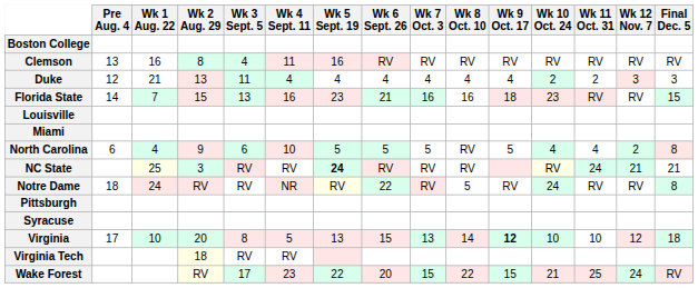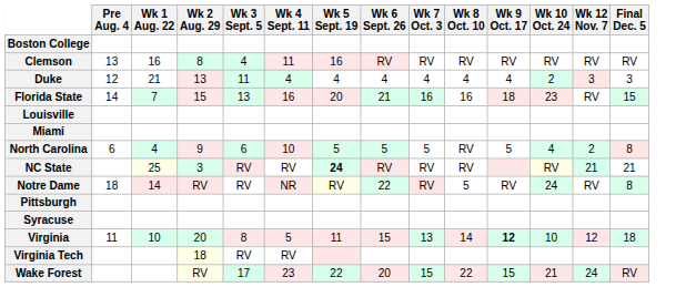 <table class="wikitable" style="white-space:nowrap;font-size:90%;">
 <tr>
 <th colspan=1 style="background:white; border-top-style:hidden; border-left-style:hidden;"> </th>
 <th>Pre <br> Aug. 4</th>
 <th>Wk 1 <br> Aug. 22</th>
 <th>Wk 2 <br> Aug. 29</th>
 <th>Wk 3 <br> Sept. 5</th>
 <th>Wk 4 <br> Sept. 11</th>
 <th>Wk 5 <br> Sept. 19</th>
 <th>Wk 6 <br> Sept. 26</th>
 <th>Wk 7 <br> Oct. 3</th>
 <th>Wk 8 <br> Oct. 10</th>
 <th>Wk 9 <br> Oct. 17</th>
 <th>Wk 10 <br> Oct. 24</th>
-<th>Wk 11 <br> Oct. 31</th>
 <th>Wk 12 <br> Nov. 7</th>
 <th>Final <br> Dec. 5</th>
 </tr>
 <tr style="text-align:center;">
 <th>Boston College</th>
-<td style="background:#FFF;"></td>
 <td style="background:#FFF;"></td>
 <td style="background:#FFF;"></td>
 <td style="background:#FFF;"></td>
 <td style="background:#FFF;"></td>
 <td style="background:#FFF;"></td>
 <td style="background:#FFF;"></td>
 <td style="background:#FFF;"></td>
 <td style="background:#FFF;"></td>
 <td style="background:#FFF;"></td>
 <td style="background:#FFF;"></td>
 <td style="background:#FFF;"></td>
 <td style="background:#FFF;"></td>
 <td style="background:#FFF;"></td>
 </tr>
 <tr style="text-align:center;">
 <th>Clemson</th>
 <td style="background:#FFF;"> 13</td>
 <td style="background:#FFF;"> 16</td>
 <td style="background:#D8FFEB;"> 8</td>
 <td style="background:#D8FFEB;"> 4</td>
 <td style="background:#FFE6E6;"> 11</td>
 <td style="background:#FFE6E6;"> 16</td>
 <td style="background:#FFE6E6;"> RV</td>
 <td style="background:#FFF;"> RV</td>
 <td style="background:#FFF;"> RV</td>
 <td style="background:#FFF;"> RV</td>
 <td style="background:#FFF;"> RV</td>
 <td style="background:#FFF;"> RV</td>
 <td style="background:#FFF;"> RV</td>
-<td style="background:#FFF;"> RV</td>
 </tr>
 <tr style="text-align:center;">
 <th>Duke</th>
 <td style="background:#FFF;"> 12</td>
 <td style="background:#FFF;"> 21</td>
 <td style="background:#FFE6E6;"> 13</td>
 <td style="background:#D8FFEB;"> 11</td>
 <td style="background:#D8FFEB;"> 4</td>
 <td style="background:#FFF;"> 4</td>
 <td style="background:#FFF;"> 4</td>
 <td style="background:#FFF;"> 4</td>
 <td style="background:#FFF;"> 4</td>
 <td style="background:#FFF;"> 4</td>
 <td style="background:#D8FFEB;"> 2</td>
-<td style="background:#FFF;"> 2</td>
 <td style="background:#FFE6E6;"> 3</td>
 <td style="background:#FFF;"> 3</td>
 </tr>
 <tr style="text-align:center;">
 <th>Florida State</th>
 <td style="background:#FFF;"> 14</td>
 <td style="background:#D8FFEB;"> 7</td>
 <td style="background:#FFE6E6;"> 15</td>
 <td style="background:#D8FFEB;"> 13</td>
 <td style="background:#FFE6E6;"> 16</td>
-<td style="background:#FFE6E6;"> 23</td>
+<td style="background:#FFE6E6;"> 20</td>
 <td style="background:#D8FFEB;"> 21</td>
 <td style="background:#D8FFEB;"> 16</td>
 <td style="background:#FFF;"> 16</td>
 <td style="background:#FFE6E6;"> 18</td>
 <td style="background:#FFE6E6;"> 23</td>
-<td style="background:#FFE6E6;"> RV</td>
 <td style="background:#FFF;"> RV</td>
 <td style="background:#D8FFEB;"> 15</td>
 </tr>
 <tr style="text-align:center;">
 <th>Louisville</th>
-<td style="background:#FFF;"></td>
 <td style="background:#FFF;"></td>
 <td style="background:#FFF;"></td>
 <td style="background:#FFF;"></td>
 <td style="background:#FFF;"></td>
 <td style="background:#FFF;"></td>
 <td style="background:#FFF;"></td>
 <td style="background:#FFF;"></td>
 <td style="background:#FFF;"></td>
 <td style="background:#FFF;"></td>
 <td style="background:#FFF;"></td>
 <td style="background:#FFF;"></td>
 <td style="background:#FFF;"></td>
 <td style="background:#FFF;"></td>
 </tr>
 <tr style="text-align:center;">
 <th>Miami</th>
 <td style="background:#FFF;"></td>
 <td style="background:#FFF;"></td>
 <td style="background:#FFF;"></td>
 <td style="background:#FFF;"></td>
 <td style="background:#FFF;"></td>
 <td style="background:#FFF;"></td>
 <td style="background:#FFF;"></td>
 <td style="background:#FFF;"></td>
 <td style="background:#FFF;"></td>
 <td style="background:#FFF;"></td>
 <td style="background:#FFF;"></td>
 <td style="background:#FFF;"></td>
 <td style="background:#FFF;"></td>
-<td style="background:#FFF;"></td>
 </tr>
 <tr style="text-align:center;">
 <th>North Carolina</th>
 <td style="background:#FFF;"> 6</td>
 <td style="background:#D8FFEB;"> 4</td>
 <td style="background:#FFE6E6;"> 9</td>
 <td style="background:#D8FFEB;"> 6</td>
 <td style="background:#FFE6E6;"> 10</td>
 <td style="background:#D8FFEB;"> 5</td>
 <td style="background:#D8FFEB;"> 5</td>
 <td style="background:#FFF;"> 5</td>
 <td style="background:#FFF;"> RV</td>
 <td style="background:#FFF;"> 5</td>
 <td style="background:#D8FFEB;"> 4</td>
-<td style="background:#FFF;"> 4</td>
 <td style="background:#D8FFEB;"> 2</td>
 <td style="background:#FFE6E6;"> 8</td>
 </tr>
 <tr style="text-align:center;">
 <th>NC State</th>
 <td style="background:#FFF;"></td>
 <td style="background:#FFFFE6;"> 25</td>
 <td style="background:#D8FFEB;"> 3</td>
 <td style="background:#FFE6E6;"> RV</td>
 <td style="background:#FFF;"> RV</td>
 <td style="background:#D8FFEB;"><strong> 24</strong></td>
 <td style="background:#FFE6E6;"> RV</td>
 <td style="background:#FFF;"> RV</td>
 <td style="background:#FFF;"> RV</td>
 <td style="background:#FFE6E6;"></td>
 <td style="background:#FFFFE6;"> RV</td>
-<td style="background:#D8FFEB;"> 24</td>
 <td style="background:#D8FFEB;"> 21</td>
 <td style="background:#FFF;"> 21</td>
 </tr>
 <tr style="text-align:center;">
 <th>Notre Dame</th>
 <td style="background:#FFF;"> 18</td>
-<td style="background:#FFE6E6;"> 24</td>
+<td style="background:#FFE6E6;"> 14</td>
 <td style="background:#FFE6E6;"> RV</td>
 <td style="background:#FFF;"> RV</td>
 <td style="background:#FFE6E6;"> NR</td>
 <td style="background:#FFFFE6;"> RV</td>
 <td style="background:#D8FFEB;"> 22</td>
 <td style="background:#FFE6E6;"> RV</td>
 <td style="background:#FFF;"> 5</td>
 <td style="background:#FFF;"> RV</td>
 <td style="background:#D8FFEB;"> 24</td>
 <td style="background:#FFF;"> RV</td>
-<td style="background:#FFF;"> RV</td>
 <td style="background:#D8FFEB;"> 8</td>
 </tr>
 <tr style="text-align:center;">
 <th>Pittsburgh</th>
-<td style="background:#FFF;"></td>
 <td style="background:#FFF;"></td>
 <td style="background:#FFF;"></td>
 <td style="background:#FFF;"></td>
 <td style="background:#FFF;"></td>
 <td style="background:#FFF;"></td>
 <td style="background:#FFF;"></td>
 <td style="background:#FFF;"></td>
 <td style="background:#FFF;"></td>
 <td style="background:#FFF;"></td>
 <td style="background:#FFF;"></td>
 <td style="background:#FFF;"></td>
 <td style="background:#FFF;"></td>
 <td style="background:#FFF;"></td>
 </tr>
 <tr style="text-align:center;">
 <th>Syracuse</th>
 <td style="background:#FFF;"></td>
 <td style="background:#FFF;"></td>
 <td style="background:#FFF;"></td>
 <td style="background:#FFF;"></td>
 <td style="background:#FFF;"></td>
 <td style="background:#FFF;"></td>
 <td style="background:#FFF;"></td>
 <td style="background:#FFF;"></td>
 <td style="background:#FFF;"></td>
 <td style="background:#FFF;"></td>
 <td style="background:#FFF;"></td>
 <td style="background:#FFF;"></td>
 <td style="background:#FFF;"></td>
-<td style="background:#FFF;"></td>
 </tr>
 <tr style="text-align:center;">
 <th>Virginia</th>
-<td style="background:#FFF;"> 17</td>
+<td style="background:#FFF;"> 11</td>
 <td style="background:#D8FFEB;"> 10</td>
 <td style="background:#D8FFEB;"> 20</td>
 <td style="background:#FFE6E6;"> 8</td>
 <td style="background:#FFE6E6;"> 5</td>
-<td style="background:#FFE6E6;"> 13</td>
+<td style="background:#FFE6E6;"> 11</td>
 <td style="background:#FFE6E6;"> 15</td>
 <td style="background:#D8FFEB;"> 13</td>
 <td style="background:#FFE6E6;"> 14</td>
 <td style="background:#D8FFEB;"><strong> 12</strong></td>
 <td style="background:#D8FFEB;"> 10</td>
-<td style="background:#FFF;"> 10</td>
 <td style="background:#FFE6E6;"> 12</td>
 <td style="background:#D8FFEB;"> 18</td>
 </tr>
 <tr style="text-align:center;">
 <th>Virginia Tech</th>
 <td style="background:#FFF;"></td>
 <td style="background:#FFF;"></td>
 <td style="background:#FFFFE6;"> 18</td>
 <td style="background:#FFF;"> RV</td>
 <td style="background:#FFF;"> RV</td>
 <td style="background:#FFE6E6;"></td>
-<td style="background:#FFF;"></td>
 <td style="background:#FFF;"></td>
 <td style="background:#FFF;"></td>
 <td style="background:#FFF;"></td>
 <td style="background:#FFF;"></td>
 <td style="background:#FFF;"></td>
 <td style="background:#FFF;"></td>
 <td style="background:#FFF;"></td>
 </tr>
 <tr style="text-align:center;">
 <th>Wake Forest</th>
 <td style="background:#FFF;"></td>
 <td style="background:#FFF;"></td>
 <td style="background:#FFFFE6;"> RV</td>
 <td style="background:#D8FFEB;"> 17</td>
 <td style="background:#FFE6E6;"> 23</td>
 <td style="background:#D8FFEB;"> 22</td>
 <td style="background:#FFE6E6;"> 20</td>
 <td style="background:#D8FFEB;"> 15</td>
 <td style="background:#FFE6E6;"> 22</td>
 <td style="background:#D8FFEB;"> 15</td>
 <td style="background:#FFE6E6;"> 21</td>
-<td style="background:#FFE6E6;"> 25</td>
 <td style="background:#D8FFEB;"> 24</td>
 <td style="background:#FFE6E6;"> RV</td>
 </tr>
 </table>
